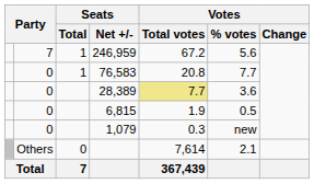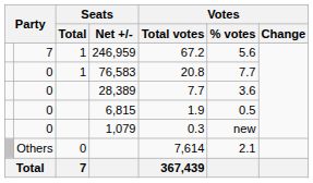 <table class="wikitable" style="text-align:right; font-size:95%;">
 <tr>
 <th colspan="2" rowspan="2">Party</th>
 <th colspan="2">Seats</th>
 <th colspan="3">Votes</th>
 </tr>
 <tr>
 <th>Total</th>
 <th>Net +/-</th>
 <th>Total votes</th>
 <th>% votes</th>
 <th>Change</th>
 </tr>
 <tr>
 <td></td>
 <td>7</td>
 <td>1</td>
 <td>246,959</td>
 <td>67.2</td>
 <td>5.6</td>
 </tr>
 <tr>
 <td></td>
 <td>0</td>
 <td>1</td>
 <td>76,583</td>
 <td>20.8</td>
 <td>7.7</td>
 </tr>
 <tr>
 <td></td>
 <td>0</td>
 <td></td>
 <td>28,389</td>
-<td style="background: khaki;">7.7</td>
+<td>7.7</td>
 <td>3.6</td>
 </tr>
 <tr>
 <td></td>
 <td>0</td>
 <td></td>
 <td>6,815</td>
 <td>1.9</td>
 <td>0.5</td>
 </tr>
 <tr>
 <td></td>
 <td>0</td>
 <td></td>
 <td>1,079</td>
 <td>0.3</td>
 <td>new</td>
 </tr>
 <tr>
 <td style="background:silver;"> </td>
 <td align=left>Others</td>
 <td>0</td>
 <td></td>
 <td>7,614</td>
 <td>2.1</td>
 <td></td>
 </tr>
 <tr>
 <th colspan="2" style="background:#f2f2f2">Total</th>
 <td style="background:#f2f2f2;"><strong>7</strong></td>
 <td style="background:#f2f2f2;"></td>
 <td style="background:#f2f2f2;"><strong>367,439</strong></td>
 <td style="background:#f2f2f2;"></td>
 <td style="background:#f2f2f2;"></td>
 </tr>
 </table>
